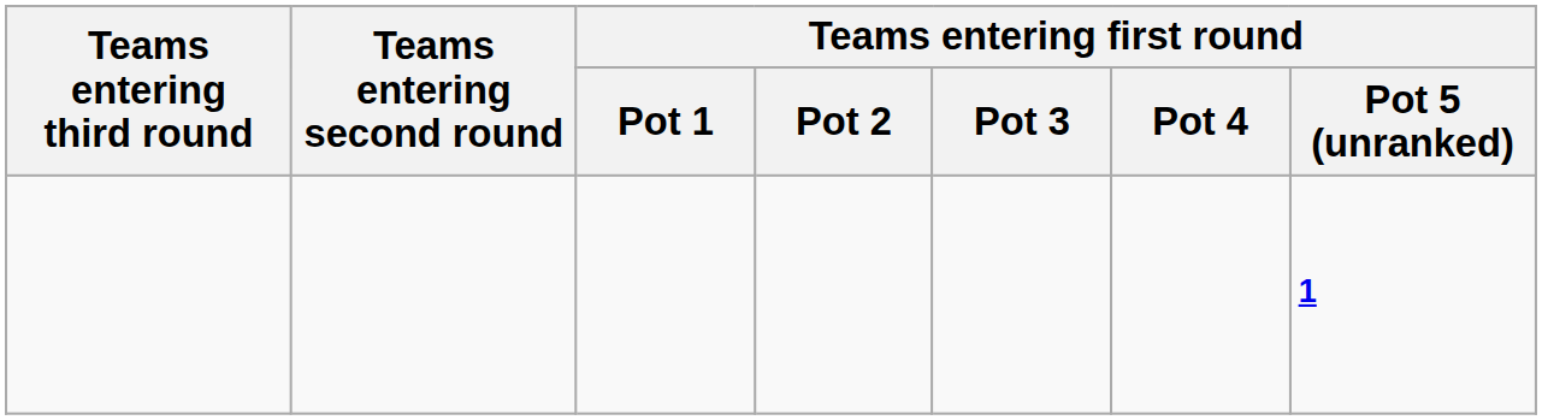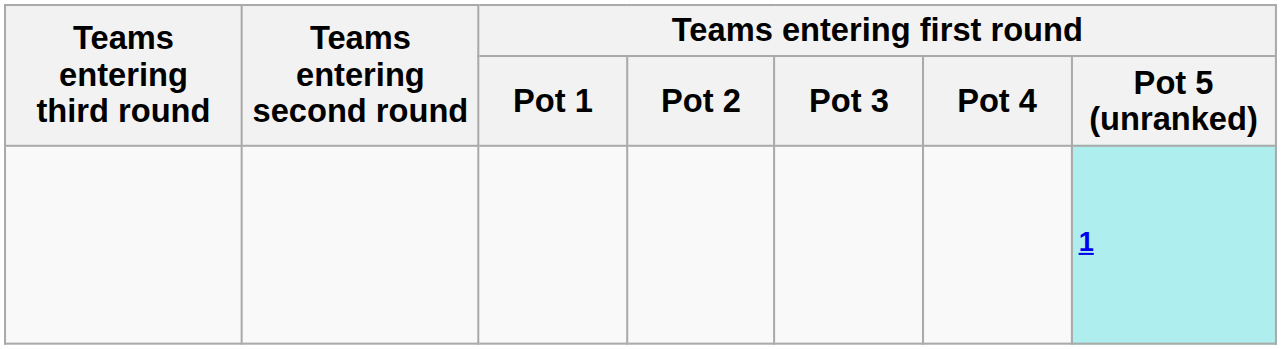 <table class="wikitable" style="width:100%;">
 <tr>
 <th width=16% rowspan=2>Teams entering<br>third round</th>
 <th width=16% rowspan=2>Teams entering<br>second round</th>
 <th colspan=5>Teams entering first round</th>
 </tr>
 <tr>
 <th width=10%>Pot 1</th>
 <th width=10%>Pot 2</th>
 <th width=10%>Pot 3</th>
 <th width=10%>Pot 4</th>
 <th width=10%>Pot 5 (unranked)</th>
 </tr>
 <tr>
 <td valign=top><br><br> <br> <br> <br> </td>
 <td valign=top><br><br> </td>
 <td valign=top><br><br> <br> <br> </td>
 <td valign=top><br><br> <br> <br> </td>
 <td valign=top><br><br> <br> <br> </td>
 <td valign=top><br><br> <br> </td>
-<td valign=top><br><br> <sup><strong><a href='#'>1</a></strong></sup><br> </td>
+<td valign=top style="background: paleturquoise;"><br><br> <sup><strong><a href='#'>1</a></strong></sup><br> </td>
 </tr>
 </table>
